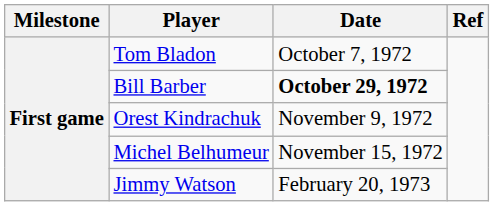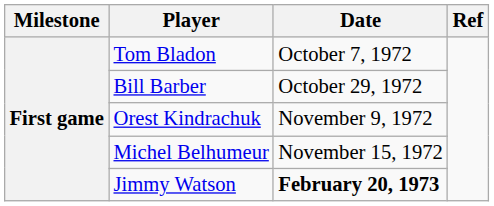 <table class="wikitable">
 <tr>
 <th scope="col">Milestone</th>
 <th scope="col">Player</th>
 <th scope="col">Date</th>
 <th scope="col">Ref</th>
 </tr>
 <tr>
 <th rowspan=5>First game</th>
 <td><a href='#'>Tom Bladon</a></td>
 <td>October 7, 1972</td>
 <td rowspan=5></td>
 </tr>
 <tr>
 <td><a href='#'>Bill Barber</a></td>
-<td><strong>October 29, 1972</strong></td>
+<td>October 29, 1972</td>
 </tr>
 <tr>
 <td><a href='#'>Orest Kindrachuk</a></td>
 <td>November 9, 1972</td>
 </tr>
 <tr>
 <td><a href='#'>Michel Belhumeur</a></td>
 <td>November 15, 1972</td>
 </tr>
 <tr>
 <td><a href='#'>Jimmy Watson</a></td>
-<td>February 20, 1973</td>
+<td><strong>February 20, 1973</strong></td>
 </tr>
 </table>
